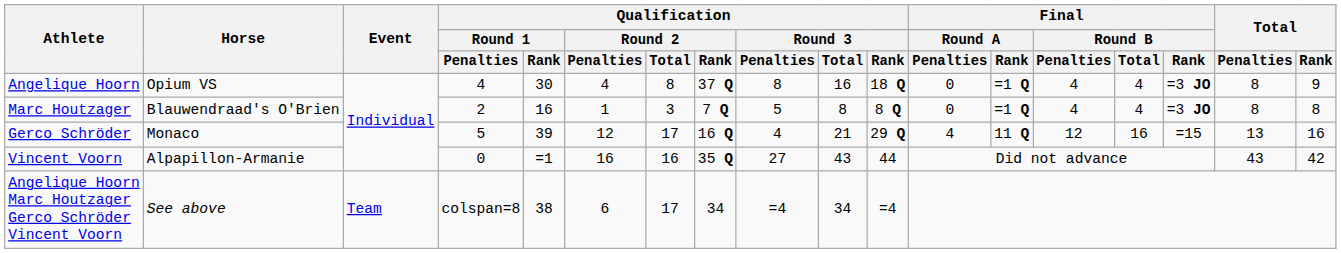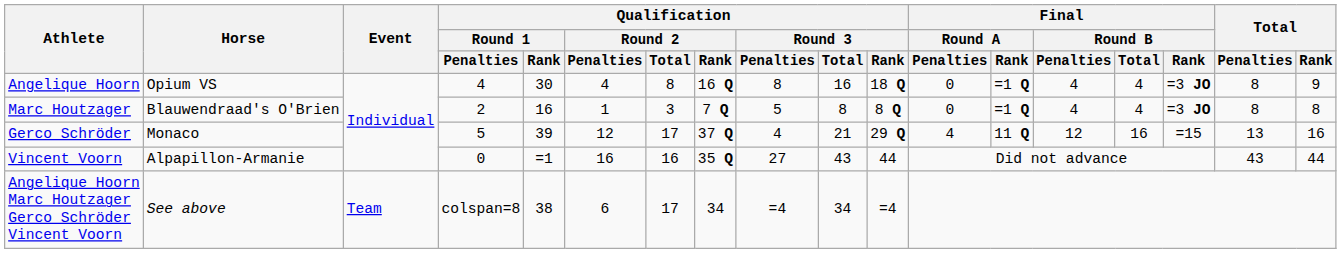 <table class="wikitable" style="font-size:90%">
 <tr>
 <th rowspan="3">Athlete</th>
 <th rowspan="3">Horse</th>
 <th rowspan="3">Event</th>
 <th colspan="8">Qualification</th>
 <th colspan="5">Final</th>
 <th rowspan=2 colspan="2">Total</th>
 </tr>
 <tr style="font-size:95%">
 <th colspan="2">Round 1</th>
 <th colspan="3">Round 2</th>
 <th colspan="3">Round 3</th>
 <th colspan="2">Round A</th>
 <th colspan="3">Round B</th>
 </tr>
 <tr style="font-size:95%">
 <th>Penalties</th>
 <th>Rank</th>
 <th>Penalties</th>
 <th>Total</th>
 <th>Rank</th>
 <th>Penalties</th>
 <th>Total</th>
 <th>Rank</th>
 <th>Penalties</th>
 <th>Rank</th>
 <th>Penalties</th>
 <th>Total</th>
 <th>Rank</th>
 <th>Penalties</th>
 <th>Rank</th>
 </tr>
 <tr align=center>
 <td align=left><a href='#'>Angelique Hoorn</a></td>
 <td align=left>Opium VS</td>
 <td align=left rowspan=4><a href='#'>Individual</a></td>
 <td>4</td>
 <td>30</td>
 <td>4</td>
 <td>8</td>
-<td>37 <strong>Q</strong></td>
+<td>16 <strong>Q</strong></td>
 <td>8</td>
 <td>16</td>
 <td>18 <strong>Q</strong></td>
 <td>0</td>
 <td>=1 <strong>Q</strong></td>
 <td>4</td>
 <td>4</td>
 <td>=3 <strong>JO</strong></td>
 <td>8</td>
 <td>9</td>
 </tr>
 <tr align=center>
 <td align=left><a href='#'>Marc Houtzager</a></td>
 <td align=left>Blauwendraad's O'Brien</td>
 <td>2</td>
 <td>16</td>
 <td>1</td>
 <td>3</td>
 <td>7 <strong>Q</strong></td>
 <td>5</td>
 <td>8</td>
 <td>8 <strong>Q</strong></td>
 <td>0</td>
 <td>=1 <strong>Q</strong></td>
 <td>4</td>
 <td>4</td>
 <td>=3 <strong>JO</strong></td>
 <td>8</td>
 <td>8</td>
 </tr>
 <tr align=center>
 <td align=left><a href='#'>Gerco Schröder</a></td>
 <td align=left>Monaco</td>
 <td>5</td>
 <td>39</td>
 <td>12</td>
 <td>17</td>
-<td>16 <strong>Q</strong></td>
+<td>37 <strong>Q</strong></td>
 <td>4</td>
 <td>21</td>
 <td>29 <strong>Q</strong></td>
 <td>4</td>
 <td>11 <strong>Q</strong></td>
 <td>12</td>
 <td>16</td>
 <td>=15</td>
 <td>13</td>
 <td>16</td>
 </tr>
 <tr align=center>
 <td align=left><a href='#'>Vincent Voorn</a></td>
 <td align=left>Alpapillon-Armanie</td>
 <td>0</td>
 <td>=1</td>
 <td>16</td>
 <td>16</td>
 <td>35 <strong>Q</strong></td>
 <td>27</td>
 <td>43</td>
 <td>44</td>
 <td colspan=5>Did not advance</td>
 <td>43</td>
-<td>42</td>
+<td>44</td>
 </tr>
 <tr align=center>
 <td align=left><a href='#'>Angelique Hoorn</a><br><a href='#'>Marc Houtzager</a><br><a href='#'>Gerco Schröder</a><br><a href='#'>Vincent Voorn</a></td>
 <td align=left><em>See above</em></td>
 <td align=left><a href='#'>Team</a></td>
 <td>colspan=8 </td>
 <td>38</td>
 <td>6</td>
 <td>17</td>
 <td>34</td>
 <td>=4</td>
 <td>34</td>
 <td>=4</td>
 </tr>
 </table>
